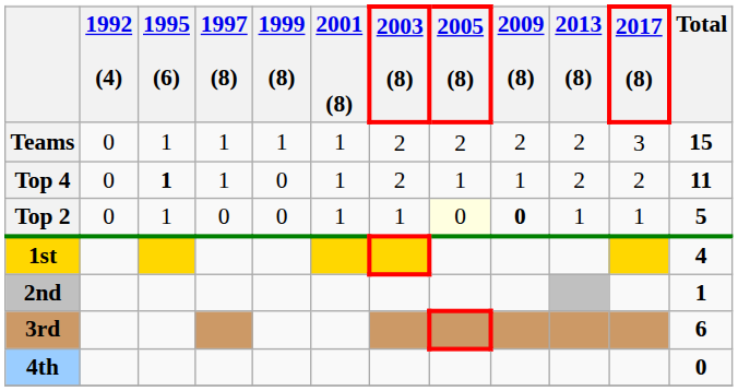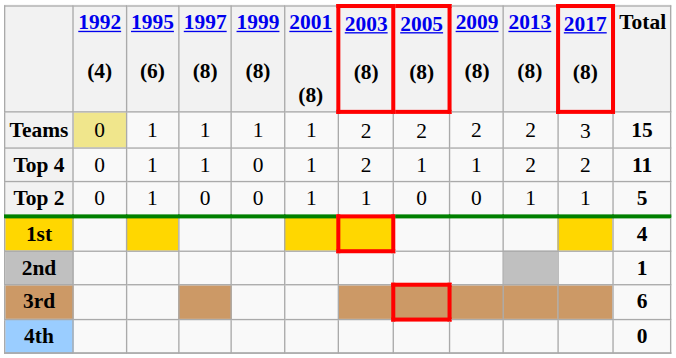 <table class="wikitable" style="text-align: center">
 <tr valign=top>
 <th></th>
 <th><a href='#'>1992</a><br><br>(4)</th>
 <th><a href='#'>1995</a><br><br>(6)</th>
 <th><a href='#'>1997</a><br><br>(8)</th>
 <th><a href='#'>1999</a><br><br>(8)</th>
 <th><a href='#'>2001</a><br><br><br>(8)</th>
 <th style="border:3px solid red"><a href='#'>2003</a><br><br>(8)</th>
 <th style="border:3px solid red"><a href='#'>2005</a><br><br>(8)</th>
 <th><a href='#'>2009</a><br><br>(8)</th>
 <th><a href='#'>2013</a><br><br>(8)</th>
 <th style="border:3px solid red"><a href='#'>2017</a><br><br>(8)</th>
 <th>Total</th>
 </tr>
 <tr>
 <th>Teams</th>
-<td>0</td>
+<td style="background: khaki;">0</td>
 <td>1</td>
 <td>1</td>
 <td>1</td>
 <td>1</td>
 <td>2</td>
 <td>2</td>
 <td>2</td>
 <td>2</td>
 <td>3</td>
 <td><strong>15</strong></td>
 </tr>
 <tr>
 <th>Top 4</th>
 <td>0</td>
-<td><strong>1</strong></td>
+<td>1</td>
 <td>1</td>
 <td>0</td>
 <td>1</td>
 <td>2</td>
 <td>1</td>
 <td>1</td>
 <td>2</td>
 <td>2</td>
 <td><strong>11</strong></td>
 </tr>
 <tr>
 <th>Top 2</th>
 <td>0</td>
 <td>1</td>
 <td>0</td>
 <td>0</td>
 <td>1</td>
 <td>1</td>
-<td style="background: lightyellow;">0</td>
-<td><strong>0</strong></td>
+<td>0</td>
+<td>0</td>
 <td>1</td>
 <td>1</td>
 <td><strong>5</strong></td>
 </tr>
 <tr>
 </tr>
 <tr style="border-top:3px solid green;">
 <th style="background-color:gold">1st</th>
 <td></td>
 <td bgcolor=gold></td>
 <td></td>
 <td></td>
 <td bgcolor=gold></td>
 <td bgcolor=gold style="border: 3px solid red"></td>
 <td></td>
 <td></td>
 <td></td>
 <td bgcolor=gold></td>
 <td><strong>4</strong></td>
 </tr>
 <tr>
 <th style="background-color:silver">2nd</th>
 <td></td>
 <td></td>
 <td></td>
 <td></td>
 <td></td>
 <td></td>
 <td></td>
 <td></td>
 <td bgcolor=silver></td>
 <td></td>
 <td><strong>1</strong></td>
 </tr>
 <tr>
 <th style="background-color:#cc9966">3rd</th>
 <td></td>
 <td></td>
 <td bgcolor=#cc9966></td>
 <td></td>
 <td></td>
 <td bgcolor=#cc9966></td>
 <td bgcolor=#cc9966 style="border: 3px solid red"></td>
 <td bgcolor=#cc9966></td>
 <td bgcolor=#cc9966></td>
 <td bgcolor=#cc9966></td>
 <td><strong>6</strong></td>
 </tr>
 <tr>
 <th style="background-color:#9acdff">4th</th>
 <td></td>
 <td></td>
 <td></td>
 <td></td>
 <td></td>
 <td></td>
 <td></td>
 <td></td>
 <td></td>
 <td></td>
 <td><strong>0</strong></td>
 </tr>
 <tr>
 </tr>
 </table>
